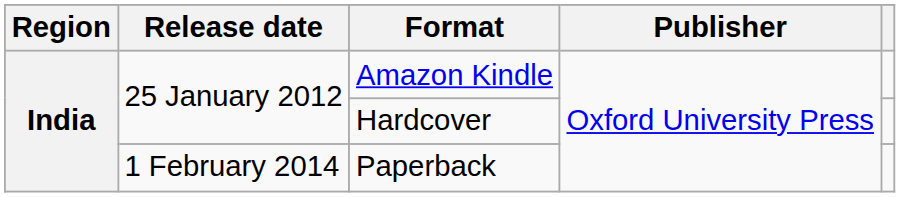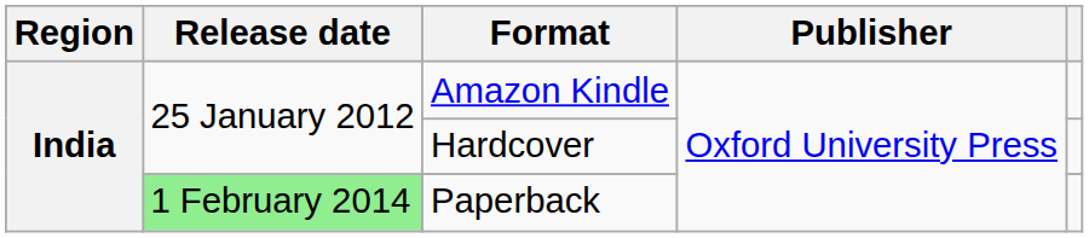 <table class="wikitable plainrowheaders">
 <tr>
 <th scope="col">Region</th>
 <th scope="col">Release date</th>
 <th scope="col">Format</th>
 <th scope="col">Publisher</th>
 <th></th>
 </tr>
 <tr>
 <th scope="row" rowspan="3">India</th>
 <td rowspan="2">25 January 2012</td>
 <td><a href='#'>Amazon Kindle</a></td>
 <td rowspan="3"><a href='#'>Oxford University Press</a></td>
 <td style="text-align: center;"></td>
 </tr>
 <tr>
 <td>Hardcover</td>
 <td style="text-align: center;"></td>
 </tr>
 <tr>
-<td>1 February 2014</td>
+<td style="background: lightgreen;">1 February 2014</td>
 <td>Paperback</td>
 <td style="text-align: center;"></td>
 </tr>
 </table>
